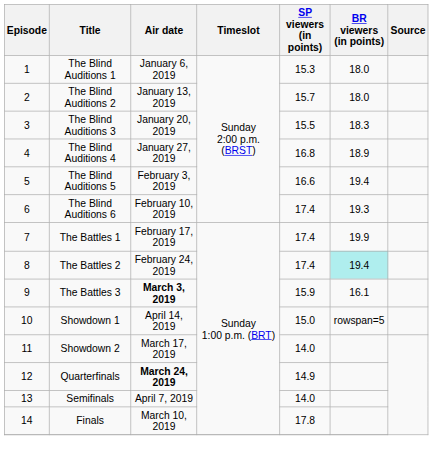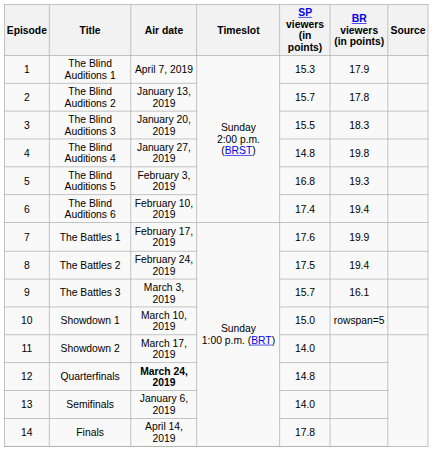 <table class="wikitable sortable" style="text-align:center; font-size:95%; width: 100%">
 <tr>
 <th>Episode</th>
 <th>Title</th>
 <th>Air date</th>
 <th>Timeslot</th>
 <th><a href='#'>SP</a> viewers<br>(in points)</th>
 <th><a href='#'>BR</a> viewers<br>(in points)</th>
 <th>Source</th>
 </tr>
 <tr>
 <td>1</td>
 <td>The Blind Auditions 1</td>
-<td>January 6, 2019</td>
+<td>April 7, 2019</td>
 <td rowspan=6>Sunday 2:00 p.m.  (<a href='#'>BRST</a>)</td>
 <td>15.3</td>
-<td>18.0</td>
+<td>17.9</td>
 <td></td>
 </tr>
 <tr>
 <td>2</td>
 <td>The Blind Auditions 2</td>
 <td>January 13, 2019</td>
 <td>15.7</td>
-<td>18.0</td>
+<td>17.8</td>
 <td></td>
 </tr>
 <tr>
 <td>3</td>
 <td>The Blind Auditions 3</td>
 <td>January 20, 2019</td>
 <td>15.5</td>
 <td>18.3</td>
 <td></td>
 </tr>
 <tr>
 <td>4</td>
 <td>The Blind Auditions 4</td>
 <td>January 27, 2019</td>
-<td>16.8</td>
-<td>18.9</td>
+<td>14.8</td>
+<td>19.8</td>
 <td></td>
 </tr>
 <tr>
 <td>5</td>
 <td>The Blind Auditions 5</td>
 <td>February 3, 2019</td>
-<td>16.6</td>
-<td>19.4</td>
+<td>16.8</td>
+<td>19.3</td>
 <td></td>
 </tr>
 <tr>
 <td>6</td>
 <td>The Blind Auditions 6</td>
 <td>February 10, 2019</td>
 <td>17.4</td>
-<td>19.3</td>
+<td>19.4</td>
 <td></td>
 </tr>
 <tr>
 <td>7</td>
 <td>The Battles 1</td>
 <td>February 17, 2019</td>
 <td rowspan=8>Sunday 1:00 p.m.  (<a href='#'>BRT</a>)</td>
-<td>17.4</td>
+<td>17.6</td>
 <td>19.9</td>
 <td></td>
 </tr>
 <tr>
 <td>8</td>
 <td>The Battles 2</td>
 <td>February 24, 2019</td>
-<td>17.4</td>
-<td style="background: paleturquoise;">19.4</td>
+<td>17.5</td>
+<td>19.4</td>
 <td></td>
 </tr>
 <tr>
 <td>9</td>
 <td>The Battles 3</td>
-<td><strong>March 3, 2019</strong></td>
-<td>15.9</td>
+<td>March 3, 2019</td>
+<td>15.7</td>
 <td>16.1</td>
 <td></td>
 </tr>
 <tr>
 <td>10</td>
 <td>Showdown 1</td>
-<td>April 14, 2019</td>
+<td>March 10, 2019</td>
 <td>15.0</td>
 <td>rowspan=5 </td>
 <td></td>
 </tr>
 <tr>
 <td>11</td>
 <td>Showdown 2</td>
 <td>March 17, 2019</td>
 <td>14.0</td>
 <td></td>
 </tr>
 <tr>
 <td>12</td>
 <td>Quarterfinals</td>
 <td><strong>March 24, 2019</strong></td>
-<td>14.9</td>
+<td>14.8</td>
 <td></td>
 </tr>
 <tr>
 <td>13</td>
 <td>Semifinals</td>
-<td>April 7, 2019</td>
+<td>January 6, 2019</td>
 <td>14.0</td>
 <td></td>
 </tr>
 <tr>
 <td>14</td>
 <td>Finals</td>
-<td>March 10, 2019</td>
+<td>April 14, 2019</td>
 <td>17.8</td>
 <td></td>
 </tr>
 <tr>
 </tr>
 </table>
